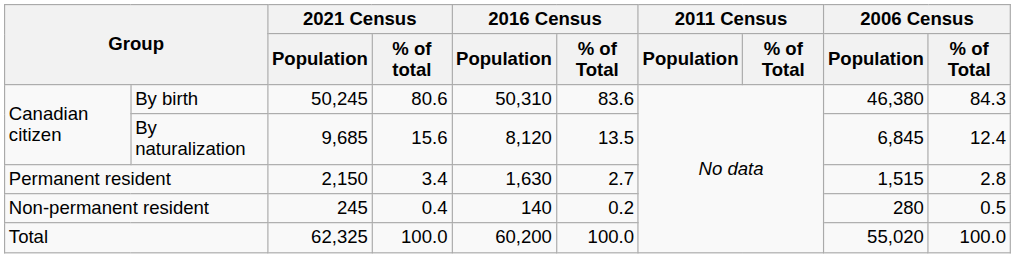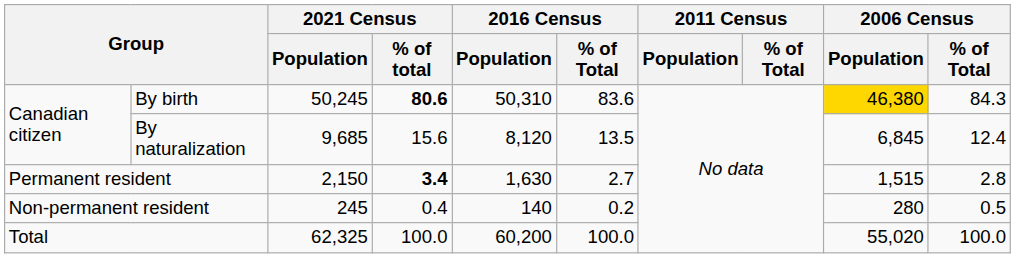 <table class="wikitable" style="text-align:right;">
 <tr>
 <th rowspan=2 colspan=2>Group</th>
 <th colspan=2>2021 Census</th>
 <th colspan=2>2016 Census</th>
 <th colspan=2>2011 Census</th>
 <th colspan=2>2006 Census</th>
 </tr>
 <tr>
 <th>Population</th>
 <th>% of total</th>
 <th>Population</th>
 <th>% of Total</th>
 <th>Population</th>
 <th>% of Total</th>
 <th>Population</th>
 <th>% of Total</th>
 </tr>
 <tr>
 <td rowspan="2" style="text-align:left;">Canadian citizen</td>
 <td style="text-align:left;">By birth</td>
 <td>50,245</td>
-<td>80.6</td>
+<td><strong>80.6</strong></td>
 <td>50,310</td>
 <td>83.6</td>
 <td colspan="2" rowspan="5" style="text-align:center;"><em>No data</em></td>
-<td>46,380</td>
+<td style="background: gold;">46,380</td>
 <td>84.3</td>
 </tr>
 <tr>
 <td style="text-align:left;">By naturalization</td>
 <td>9,685</td>
 <td>15.6</td>
 <td>8,120</td>
 <td>13.5</td>
 <td>6,845</td>
 <td>12.4</td>
 </tr>
 <tr>
 <td colspan="2" style="text-align:left;">Permanent resident</td>
 <td>2,150</td>
-<td>3.4</td>
+<td><strong>3.4</strong></td>
 <td>1,630</td>
 <td>2.7</td>
 <td>1,515</td>
 <td>2.8</td>
 </tr>
 <tr>
 <td colspan="2" style="text-align:left;">Non-permanent resident</td>
 <td>245</td>
 <td>0.4</td>
 <td>140</td>
 <td>0.2</td>
 <td>280</td>
 <td>0.5</td>
 </tr>
 <tr>
 <td colspan="2" style="text-align:left;">Total</td>
 <td>62,325</td>
 <td>100.0</td>
 <td>60,200</td>
 <td>100.0</td>
 <td>55,020</td>
 <td>100.0</td>
 </tr>
 </table>
